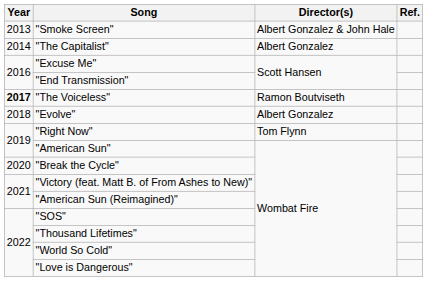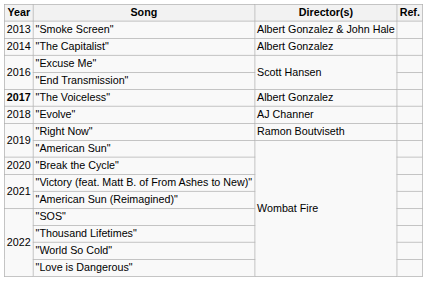 <table class="wikitable">
 <tr>
 <th>Year</th>
 <th>Song</th>
 <th>Director(s)</th>
 <th>Ref.</th>
 </tr>
 <tr>
 <td style="text-align:center;">2013</td>
 <td>"Smoke Screen"</td>
 <td>Albert Gonzalez & John Hale</td>
 <td style="text-align:center;"></td>
 </tr>
 <tr>
 <td style="text-align:center;">2014</td>
 <td>"The Capitalist"</td>
 <td>Albert Gonzalez</td>
 <td style="text-align:center;"></td>
 </tr>
 <tr>
 <td style="text-align:center;" rowspan="2">2016</td>
 <td>"Excuse Me"</td>
 <td rowspan="2">Scott Hansen</td>
 <td style="text-align:center;"></td>
 </tr>
 <tr>
 <td>"End Transmission"</td>
 <td style="text-align:center;"></td>
 </tr>
 <tr>
 <td style="text-align:center;"><strong>2017</strong></td>
 <td>"The Voiceless"</td>
-<td>Ramon Boutviseth</td>
+<td>Albert Gonzalez</td>
 <td style="text-align:center;"></td>
 </tr>
 <tr>
 <td style="text-align:center;">2018</td>
 <td>"Evolve"</td>
-<td>Albert Gonzalez</td>
+<td>AJ Channer</td>
 <td style="text-align:center;"></td>
 </tr>
 <tr>
 <td rowspan="2">2019</td>
 <td>"Right Now"</td>
-<td>Tom Flynn</td>
+<td>Ramon Boutviseth</td>
 <td style="text-align:center;"></td>
 </tr>
 <tr>
 <td>"American Sun"</td>
 <td rowspan="8">Wombat Fire</td>
 <td style="text-align:center;"></td>
 </tr>
 <tr>
 <td style="text-align:center;">2020</td>
 <td>"Break the Cycle"</td>
 <td style="text-align:center;"></td>
 </tr>
 <tr>
 <td style="text-align:center;" rowspan="2">2021</td>
 <td>"Victory  (feat. Matt B. of From Ashes to New)"</td>
 <td style="text-align:center;"></td>
 </tr>
 <tr>
 <td>"American Sun (Reimagined)"</td>
 <td style="text-align:center;"></td>
 </tr>
 <tr>
 <td rowspan="4" style="text-align:center;">2022</td>
 <td>"SOS"</td>
 <td style="text-align:center;"></td>
 </tr>
 <tr>
 <td>"Thousand Lifetimes"</td>
 <td style="text-align:center;"></td>
 </tr>
 <tr>
 <td>"World So Cold"</td>
 <td style="text-align:center;"></td>
 </tr>
 <tr>
 <td>"Love is Dangerous"</td>
 <td style="text-align:center;"></td>
 </tr>
 </table>
